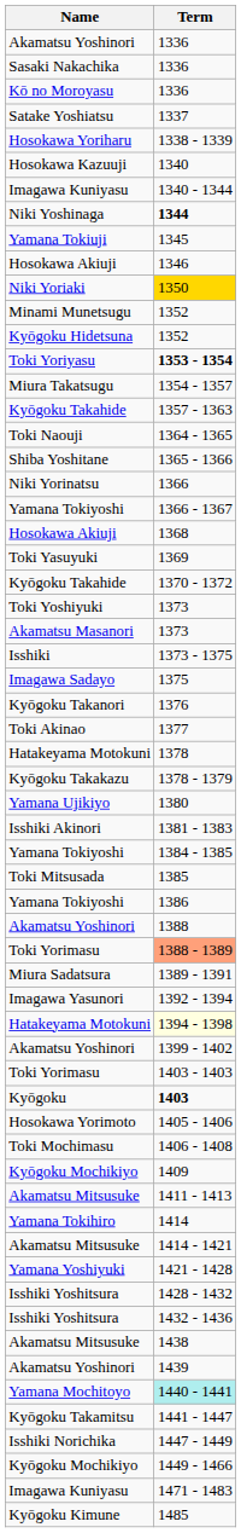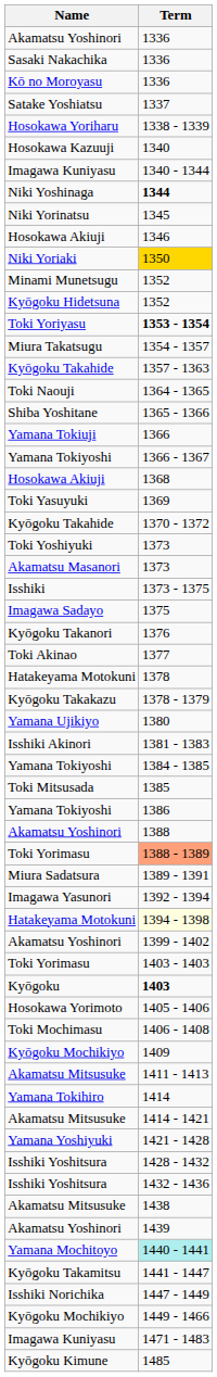 <table class="wikitable">
 <tr>
 <th>Name</th>
 <th>Term</th>
 </tr>
 <tr>
 <td>Akamatsu Yoshinori</td>
 <td>1336</td>
 </tr>
 <tr>
 <td>Sasaki Nakachika</td>
 <td>1336</td>
 </tr>
 <tr>
 <td><a href='#'>Kō no Moroyasu</a></td>
 <td>1336</td>
 </tr>
 <tr>
 <td>Satake Yoshiatsu</td>
 <td>1337</td>
 </tr>
 <tr>
 <td><a href='#'>Hosokawa Yoriharu</a></td>
 <td>1338 - 1339</td>
 </tr>
 <tr>
 <td>Hosokawa Kazuuji</td>
 <td>1340</td>
 </tr>
 <tr>
 <td>Imagawa Kuniyasu</td>
 <td>1340 - 1344</td>
 </tr>
 <tr>
 <td>Niki Yoshinaga</td>
 <td><strong>1344</strong></td>
 </tr>
 <tr>
-<td><a href='#'>Yamana Tokiuji</a></td>
+<td>Niki Yorinatsu</td>
 <td>1345</td>
 </tr>
 <tr>
 <td>Hosokawa Akiuji</td>
 <td>1346</td>
 </tr>
 <tr>
 <td><a href='#'>Niki Yoriaki</a></td>
 <td style="background: gold;">1350</td>
 </tr>
 <tr>
 <td>Minami Munetsugu</td>
 <td>1352</td>
 </tr>
 <tr>
 <td><a href='#'>Kyōgoku Hidetsuna</a></td>
 <td>1352</td>
 </tr>
 <tr>
 <td><a href='#'>Toki Yoriyasu</a></td>
 <td><strong>1353 - 1354</strong></td>
 </tr>
 <tr>
 <td>Miura Takatsugu</td>
 <td>1354 - 1357</td>
 </tr>
 <tr>
 <td><a href='#'>Kyōgoku Takahide</a></td>
 <td>1357 - 1363</td>
 </tr>
 <tr>
 <td>Toki Naouji</td>
 <td>1364 - 1365</td>
 </tr>
 <tr>
 <td>Shiba Yoshitane</td>
 <td>1365 - 1366</td>
 </tr>
 <tr>
-<td>Niki Yorinatsu</td>
+<td><a href='#'>Yamana Tokiuji</a></td>
 <td>1366</td>
 </tr>
 <tr>
 <td>Yamana Tokiyoshi</td>
 <td>1366 - 1367</td>
 </tr>
 <tr>
 <td><a href='#'>Hosokawa Akiuji</a></td>
 <td>1368</td>
 </tr>
 <tr>
 <td>Toki Yasuyuki</td>
 <td>1369</td>
 </tr>
 <tr>
 <td>Kyōgoku Takahide</td>
 <td>1370 - 1372</td>
 </tr>
 <tr>
 <td>Toki Yoshiyuki</td>
 <td>1373</td>
 </tr>
 <tr>
 <td><a href='#'>Akamatsu Masanori</a></td>
 <td>1373</td>
 </tr>
 <tr>
 <td>Isshiki</td>
 <td>1373 - 1375</td>
 </tr>
 <tr>
 <td><a href='#'>Imagawa Sadayo</a></td>
 <td>1375</td>
 </tr>
 <tr>
 <td>Kyōgoku Takanori</td>
 <td>1376</td>
 </tr>
 <tr>
 <td>Toki Akinao</td>
 <td>1377</td>
 </tr>
 <tr>
 <td>Hatakeyama Motokuni</td>
 <td>1378</td>
 </tr>
 <tr>
 <td>Kyōgoku Takakazu</td>
 <td>1378 - 1379</td>
 </tr>
 <tr>
 <td><a href='#'>Yamana Ujikiyo</a></td>
 <td>1380</td>
 </tr>
 <tr>
 <td>Isshiki Akinori</td>
 <td>1381 - 1383</td>
 </tr>
 <tr>
 <td>Yamana Tokiyoshi</td>
 <td>1384 - 1385</td>
 </tr>
 <tr>
 <td>Toki Mitsusada</td>
 <td>1385</td>
 </tr>
 <tr>
 <td>Yamana Tokiyoshi</td>
 <td>1386</td>
 </tr>
 <tr>
 <td><a href='#'>Akamatsu Yoshinori</a></td>
 <td>1388</td>
 </tr>
 <tr>
 <td>Toki Yorimasu</td>
 <td style="background: lightsalmon;">1388 - 1389</td>
 </tr>
 <tr>
 <td>Miura Sadatsura</td>
 <td>1389 - 1391</td>
 </tr>
 <tr>
 <td>Imagawa Yasunori</td>
 <td>1392 - 1394</td>
 </tr>
 <tr>
 <td><a href='#'>Hatakeyama Motokuni</a></td>
 <td style="background: lightyellow;">1394 - 1398</td>
 </tr>
 <tr>
 <td>Akamatsu Yoshinori</td>
 <td>1399 - 1402</td>
 </tr>
 <tr>
 <td>Toki Yorimasu</td>
 <td>1403 - 1403</td>
 </tr>
 <tr>
 <td>Kyōgoku</td>
 <td><strong>1403</strong></td>
 </tr>
 <tr>
 <td>Hosokawa Yorimoto</td>
 <td>1405 - 1406</td>
 </tr>
 <tr>
 <td>Toki Mochimasu</td>
 <td>1406 - 1408</td>
 </tr>
 <tr>
 <td><a href='#'>Kyōgoku Mochikiyo</a></td>
 <td>1409</td>
 </tr>
 <tr>
 <td><a href='#'>Akamatsu Mitsusuke</a></td>
 <td>1411 - 1413</td>
 </tr>
 <tr>
 <td><a href='#'>Yamana Tokihiro</a></td>
 <td>1414</td>
 </tr>
 <tr>
 <td>Akamatsu Mitsusuke</td>
 <td>1414 - 1421</td>
 </tr>
 <tr>
 <td><a href='#'>Yamana Yoshiyuki</a></td>
 <td>1421 - 1428</td>
 </tr>
 <tr>
 <td>Isshiki Yoshitsura</td>
 <td>1428 - 1432</td>
 </tr>
 <tr>
 <td>Isshiki Yoshitsura</td>
 <td>1432 - 1436</td>
 </tr>
 <tr>
 <td>Akamatsu Mitsusuke</td>
 <td>1438</td>
 </tr>
 <tr>
 <td>Akamatsu Yoshinori</td>
 <td>1439</td>
 </tr>
 <tr>
 <td><a href='#'>Yamana Mochitoyo</a></td>
 <td style="background: paleturquoise;">1440 - 1441</td>
 </tr>
 <tr>
 <td>Kyōgoku Takamitsu</td>
 <td>1441 - 1447</td>
 </tr>
 <tr>
 <td>Isshiki Norichika</td>
 <td>1447 - 1449</td>
 </tr>
 <tr>
 <td>Kyōgoku Mochikiyo</td>
 <td>1449 - 1466</td>
 </tr>
 <tr>
 <td>Imagawa Kuniyasu</td>
 <td>1471 - 1483</td>
 </tr>
 <tr>
 <td>Kyōgoku Kimune</td>
 <td>1485</td>
 </tr>
 </table>
